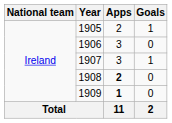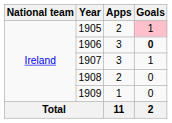 <table class="wikitable" style="text-align: center;">
 <tr>
 <th>National team</th>
 <th>Year</th>
 <th>Apps</th>
 <th>Goals</th>
 </tr>
 <tr>
 <td rowspan="5"><a href='#'>Ireland</a></td>
 <td>1905</td>
 <td>2</td>
-<td>1</td>
+<td style="background: pink;">1</td>
 </tr>
 <tr>
 <td>1906</td>
 <td>3</td>
-<td>0</td>
+<td><strong>0</strong></td>
 </tr>
 <tr>
 <td>1907</td>
 <td>3</td>
 <td>1</td>
 </tr>
 <tr>
 <td>1908</td>
-<td><strong>2</strong></td>
+<td>2</td>
 <td>0</td>
 </tr>
 <tr>
 <td>1909</td>
-<td><strong>1</strong></td>
+<td>1</td>
 <td>0</td>
 </tr>
 <tr>
 <th colspan="2">Total</th>
 <th>11</th>
 <th>2</th>
 </tr>
 </table>
